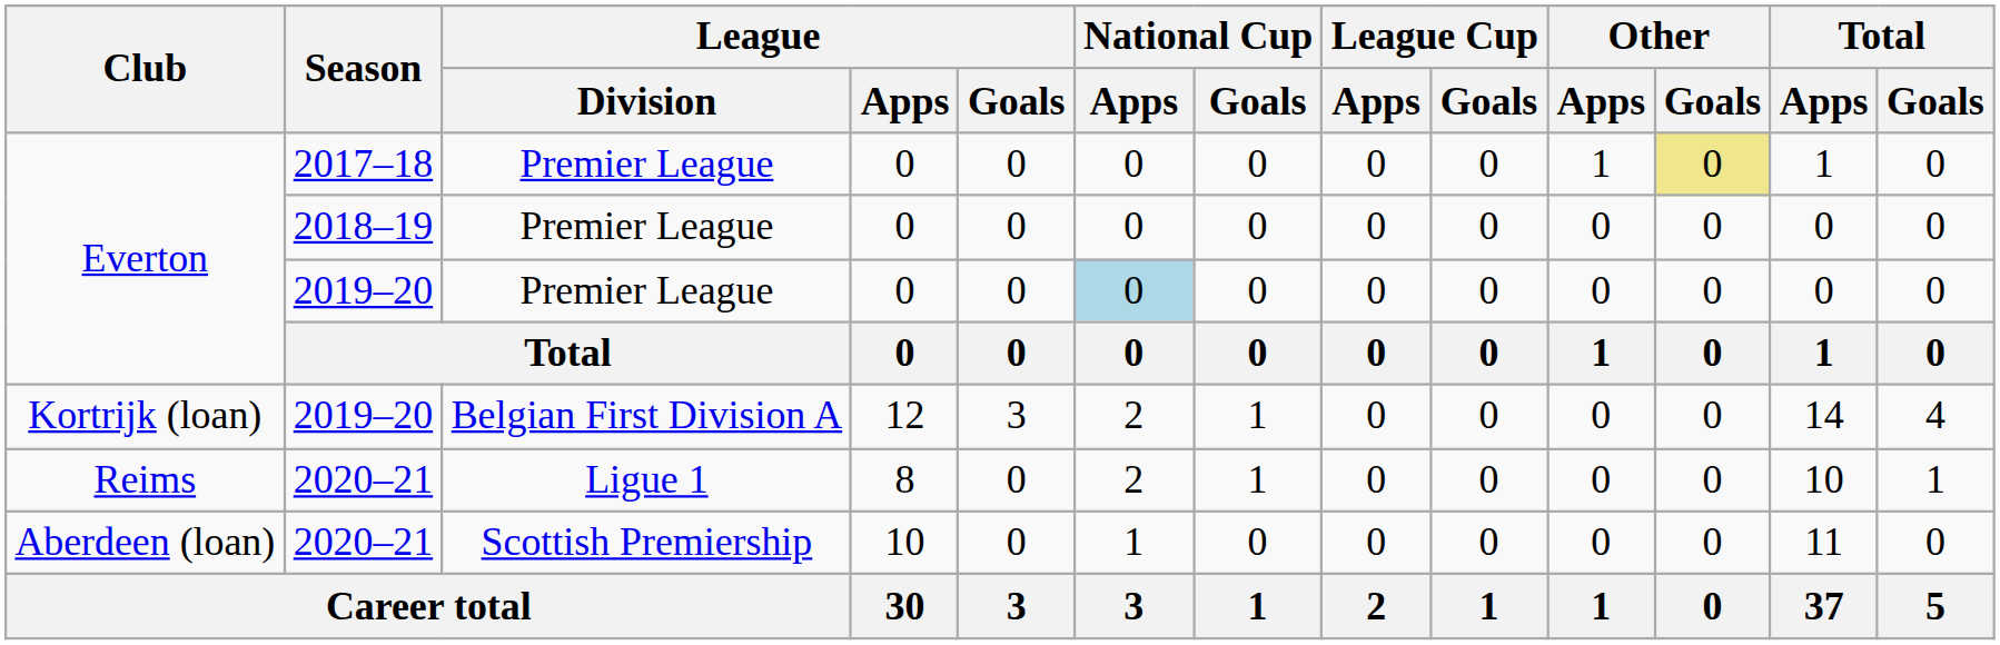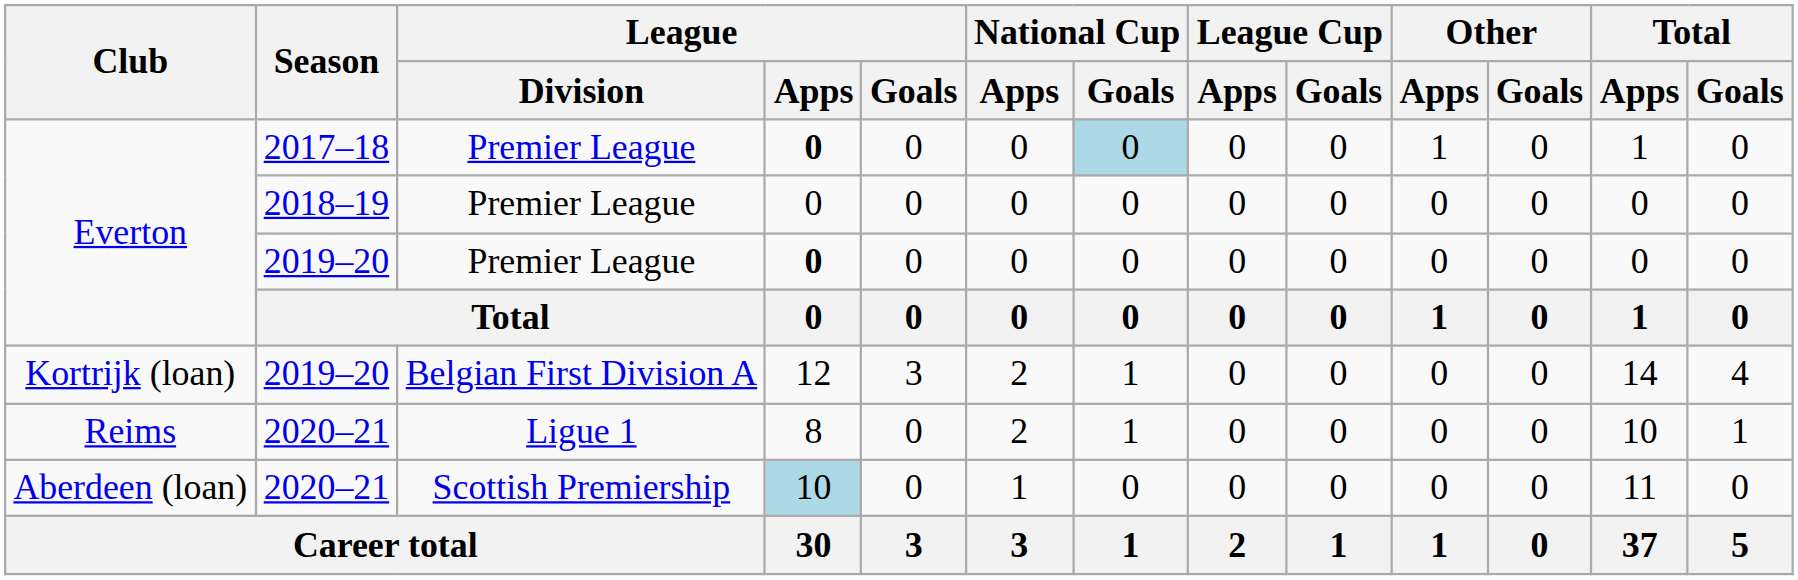 <table class=wikitable style="text-align:center">
 <tr>
 <th rowspan="2">Club</th>
 <th rowspan="2">Season</th>
 <th colspan="3">League</th>
 <th colspan="2">National Cup</th>
 <th colspan="2">League Cup</th>
 <th colspan="2">Other</th>
 <th colspan="2">Total</th>
 </tr>
 <tr>
 <th>Division</th>
 <th>Apps</th>
 <th>Goals</th>
 <th>Apps</th>
 <th>Goals</th>
 <th>Apps</th>
 <th>Goals</th>
 <th>Apps</th>
 <th>Goals</th>
 <th>Apps</th>
 <th>Goals</th>
 </tr>
 <tr>
 <td rowspan="4"><a href='#'>Everton</a></td>
 <td><a href='#'>2017–18</a></td>
 <td><a href='#'>Premier League</a></td>
+<td><strong>0</strong></td>
 <td>0</td>
 <td>0</td>
-<td>0</td>
-<td>0</td>
+<td style="background: lightblue;">0</td>
 <td>0</td>
 <td>0</td>
 <td>1</td>
-<td style="background: khaki;">0</td>
+<td>0</td>
 <td>1</td>
 <td>0</td>
 </tr>
 <tr>
 <td><a href='#'>2018–19</a></td>
 <td>Premier League</td>
 <td>0</td>
 <td>0</td>
 <td>0</td>
 <td>0</td>
 <td>0</td>
 <td>0</td>
 <td>0</td>
 <td>0</td>
 <td>0</td>
 <td>0</td>
 </tr>
 <tr>
 <td><a href='#'>2019–20</a></td>
 <td>Premier League</td>
+<td><strong>0</strong></td>
 <td>0</td>
 <td>0</td>
-<td style="background: lightblue;">0</td>
 <td>0</td>
 <td>0</td>
 <td>0</td>
 <td>0</td>
 <td>0</td>
 <td>0</td>
 <td>0</td>
 </tr>
 <tr>
 <th colspan="2">Total</th>
 <th>0</th>
 <th>0</th>
 <th>0</th>
 <th>0</th>
 <th>0</th>
 <th>0</th>
 <th>1</th>
 <th>0</th>
 <th>1</th>
 <th>0</th>
 </tr>
 <tr>
 <td><a href='#'>Kortrijk</a> (loan)</td>
 <td><a href='#'>2019–20</a></td>
 <td><a href='#'>Belgian First Division A</a></td>
 <td>12</td>
 <td>3</td>
 <td>2</td>
 <td>1</td>
 <td>0</td>
 <td>0</td>
 <td>0</td>
 <td>0</td>
 <td>14</td>
 <td>4</td>
 </tr>
 <tr>
 <td><a href='#'>Reims</a></td>
 <td><a href='#'>2020–21</a></td>
 <td><a href='#'>Ligue 1</a></td>
 <td>8</td>
 <td>0</td>
 <td>2</td>
 <td>1</td>
 <td>0</td>
 <td>0</td>
 <td>0</td>
 <td>0</td>
 <td>10</td>
 <td>1</td>
 </tr>
 <tr>
 <td><a href='#'>Aberdeen</a> (loan)</td>
 <td><a href='#'>2020–21</a></td>
 <td><a href='#'>Scottish Premiership</a></td>
-<td>10</td>
+<td style="background: lightblue;">10</td>
 <td>0</td>
 <td>1</td>
 <td>0</td>
 <td>0</td>
 <td>0</td>
 <td>0</td>
 <td>0</td>
 <td>11</td>
 <td>0</td>
 </tr>
 <tr>
 <th colspan="3">Career total</th>
 <th>30</th>
 <th>3</th>
 <th>3</th>
 <th>1</th>
 <th>2</th>
 <th>1</th>
 <th>1</th>
 <th>0</th>
 <th>37</th>
 <th>5</th>
 </tr>
 </table>
